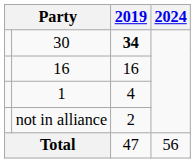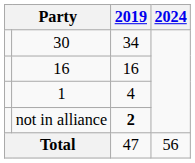 <table class="wikitable sortable" style="text-align: center;">
 <tr>
 <th Colspan="2">Party</th>
 <th><a href='#'>2019</a></th>
 <th><a href='#'>2024</a></th>
 </tr>
 <tr>
 <td></td>
 <td>30</td>
-<td><strong>34</strong></td>
+<td>34</td>
 </tr>
 <tr>
 <td></td>
 <td>16</td>
 <td>16</td>
 </tr>
 <tr>
 <td></td>
 <td>1</td>
 <td>4</td>
 </tr>
 <tr>
 <td></td>
 <td>not in alliance</td>
-<td>2</td>
+<td><strong>2</strong></td>
 </tr>
 <tr>
 <th Colspan="2">Total</th>
 <td>47</td>
 <td>56</td>
 </tr>
 </table>
